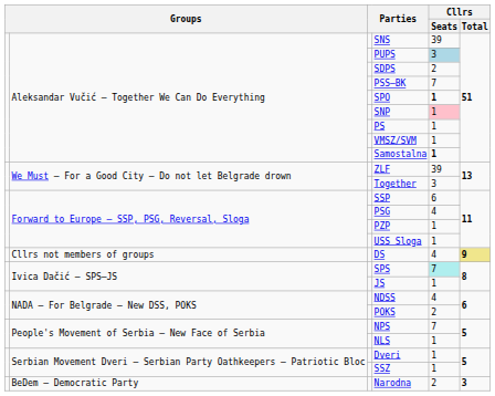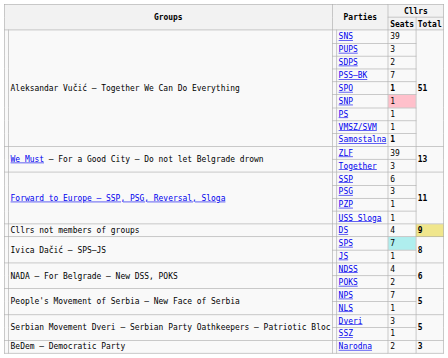 <table class="wikitable" style="text-align:left">
 <tr>
 <th rowspan="2" colspan="2">Groups</th>
 <th rowspan="2" colspan="2">Parties</th>
 <th colspan="2">Cllrs</th>
 </tr>
 <tr>
 <th>Seats</th>
 <th>Total</th>
 </tr>
 <tr>
 <td width="1" rowspan="9"></td>
 <td rowspan="9">Aleksandar Vučić – Together We Can Do Everything</td>
 <td width="1"></td>
 <td><a href='#'>SNS</a></td>
 <td>39</td>
 <td rowspan="9"><strong>51</strong></td>
 </tr>
 <tr>
 <td></td>
 <td><a href='#'>PUPS</a></td>
-<td style="background: lightblue;">3</td>
+<td>3</td>
 </tr>
 <tr>
 <td></td>
 <td><a href='#'>SDPS</a></td>
 <td>2</td>
 </tr>
 <tr>
 <td></td>
 <td><a href='#'>PSS–BK</a></td>
 <td>7</td>
 </tr>
 <tr>
 <td></td>
 <td><a href='#'>SPO</a></td>
 <td><strong>1</strong></td>
 </tr>
 <tr>
 <td></td>
 <td><a href='#'>SNP</a></td>
 <td style="background: pink;">1</td>
 </tr>
 <tr>
 <td></td>
 <td><a href='#'>PS</a></td>
 <td>1</td>
 </tr>
 <tr>
 <td></td>
 <td><a href='#'>VMSZ/SVM</a></td>
 <td>1</td>
 </tr>
 <tr>
 <td></td>
 <td><a href='#'>Samostalna</a></td>
 <td><strong>1</strong></td>
 </tr>
 <tr>
 <td width="1" rowspan="2"></td>
 <td rowspan="2"><a href='#'>We Must</a> – For a Good City – Do not let Belgrade drown</td>
 <td width="1"></td>
 <td><a href='#'>ZLF</a></td>
 <td>39</td>
 <td rowspan="2"><strong>13</strong></td>
 </tr>
 <tr>
 <td></td>
 <td><a href='#'>Together</a></td>
 <td>3</td>
 </tr>
 <tr>
 <td width="1" rowspan="4"></td>
 <td rowspan="4"><a href='#'>Forward to Europe – SSP, PSG, Reversal, Sloga</a></td>
 <td width="1"></td>
 <td><a href='#'>SSP</a></td>
 <td>6</td>
 <td rowspan="4"><strong>11</strong></td>
 </tr>
 <tr>
 <td></td>
 <td><a href='#'>PSG</a></td>
-<td>4</td>
+<td>3</td>
 </tr>
 <tr>
 <td></td>
 <td><a href='#'>PZP</a></td>
 <td>1</td>
 </tr>
 <tr>
 <td></td>
 <td><a href='#'>USS Sloga</a></td>
 <td>1</td>
 </tr>
 <tr>
 <td></td>
 <td rowspan="1">Cllrs not members of groups</td>
 <td></td>
 <td><a href='#'>DS</a></td>
 <td>4</td>
 <td style="background: khaki;"><strong>9</strong></td>
 </tr>
 <tr>
 <td width="1" rowspan="2"></td>
 <td rowspan="2">Ivica Dačić – SPS–JS</td>
 <td width="1"></td>
 <td><a href='#'>SPS</a></td>
 <td style="background: paleturquoise;">7</td>
 <td rowspan="2"><strong>8</strong></td>
 </tr>
 <tr>
 <td></td>
 <td><a href='#'>JS</a></td>
 <td>1</td>
 </tr>
 <tr>
 <td width="1" rowspan="2"></td>
 <td rowspan="2">NADA – For Belgrade – New DSS, POKS</td>
 <td width="1"></td>
 <td><a href='#'>NDSS</a></td>
 <td>4</td>
 <td rowspan="2"><strong>6</strong></td>
 </tr>
 <tr>
 <td></td>
 <td><a href='#'>POKS</a></td>
 <td>2</td>
 </tr>
 <tr>
 <td width="1" rowspan="2"></td>
 <td rowspan="2">People's Movement of Serbia – New Face of Serbia</td>
 <td width="1"></td>
 <td><a href='#'>NPS</a></td>
 <td>7</td>
 <td rowspan="2"><strong>5</strong></td>
 </tr>
 <tr>
 <td></td>
 <td><a href='#'>NLS</a></td>
 <td>1</td>
 </tr>
 <tr>
 <td width="1" rowspan="2"></td>
 <td rowspan="2">Serbian Movement Dveri – Serbian Party Oathkeepers – Patriotic Bloc</td>
 <td width="1"></td>
 <td><a href='#'>Dveri</a></td>
-<td>1</td>
+<td>3</td>
 <td rowspan="2"><strong>5</strong></td>
 </tr>
 <tr>
 <td></td>
 <td><a href='#'>SSZ</a></td>
 <td>1</td>
 </tr>
 <tr>
 <td width="1" rowspan="1"></td>
 <td>BeDem – Democratic Party</td>
 <td width="1"></td>
 <td><a href='#'>Narodna</a></td>
 <td>2</td>
 <td rowspan="1"><strong>3</strong></td>
 </tr>
 </table>
